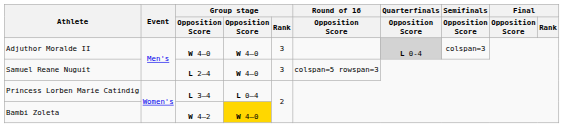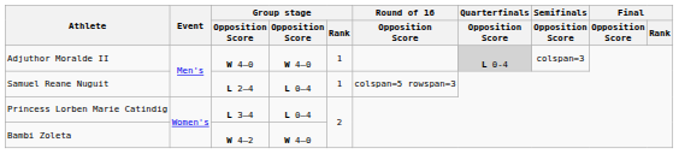 <table class=wikitable style="text-align:center; font-size:90%">
 <tr>
 <th rowspan=2>Athlete</th>
 <th rowspan=2>Event</th>
 <th colspan=3>Group stage</th>
 <th>Round of 16</th>
 <th>Quarterfinals</th>
 <th>Semifinals</th>
 <th colspan=2>Final</th>
 </tr>
 <tr>
 <th>Opposition<br>Score</th>
 <th>Opposition<br>Score</th>
 <th>Rank</th>
 <th>Opposition<br>Score</th>
 <th>Opposition<br>Score</th>
 <th>Opposition<br>Score</th>
 <th>Opposition<br>Score</th>
 <th>Rank</th>
 </tr>
 <tr>
 <td align=left>Adjuthor Moralde II</td>
 <td rowspan=2><a href='#'>Men's</a></td>
 <td><br><strong>W</strong> 4–0</td>
 <td><br><strong>W</strong> 4–0</td>
-<td>3 </td>
+<td>1 </td>
 <td></td>
 <td style="background: lightgrey;"><br><strong>L</strong> 0-4</td>
 <td>colspan=3 </td>
 </tr>
 <tr>
 <td align=left>Samuel Reane Nuguit</td>
 <td><br><strong>L</strong> 2–4</td>
-<td><br><strong>W</strong> 4–0</td>
-<td>3</td>
+<td><br><strong>L</strong> 0–4</td>
+<td>1</td>
 <td>colspan=5 rowspan=3 </td>
 </tr>
 <tr>
 <td align=left>Princess Lorben Marie Catindig</td>
 <td rowspan=2><a href='#'>Women's</a></td>
 <td><br><strong>L</strong> 3–4</td>
 <td><br><strong>L</strong> 0–4</td>
 <td rowspan=2>2</td>
 </tr>
 <tr>
 <td align=left>Bambi Zoleta</td>
 <td><br><strong>W</strong> 4–2</td>
-<td style="background: gold;"><br><strong>W</strong> 4–0</td>
+<td><br><strong>W</strong> 4–0</td>
 </tr>
 </table>
